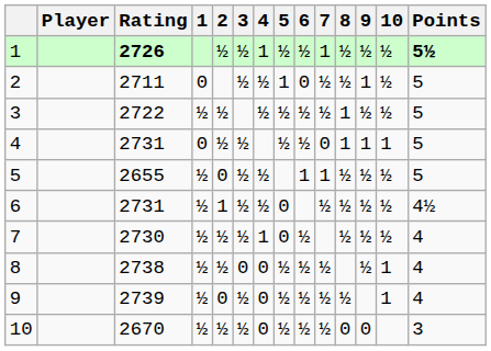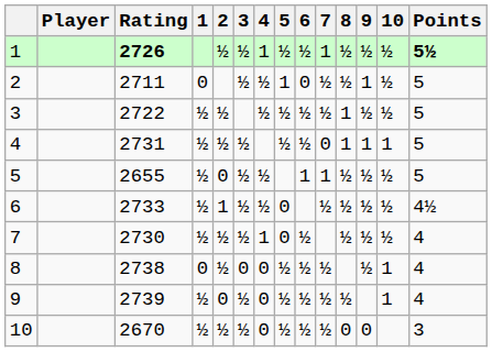 <table class=wikitable>
 <tr>
 <th></th>
 <th>Player</th>
 <th>Rating</th>
 <th>1</th>
 <th>2</th>
 <th>3</th>
 <th>4</th>
 <th>5</th>
 <th>6</th>
 <th>7</th>
 <th>8</th>
 <th>9</th>
 <th>10</th>
 <th>Points</th>
 </tr>
 <tr style="background:#ccffcc">
 <td>1</td>
 <td><strong></strong></td>
 <td><strong>2726</strong></td>
 <td></td>
 <td>½</td>
 <td>½</td>
 <td>1</td>
 <td>½</td>
 <td>½</td>
 <td>1</td>
 <td>½</td>
 <td>½</td>
 <td>½</td>
 <td><strong>5½</strong></td>
 </tr>
 <tr>
 <td>2</td>
 <td></td>
 <td>2711</td>
 <td>0</td>
 <td></td>
 <td>½</td>
 <td>½</td>
 <td>1</td>
 <td>0</td>
 <td>½</td>
 <td>½</td>
 <td>1</td>
 <td>½</td>
 <td>5</td>
 </tr>
 <tr>
 <td>3</td>
 <td></td>
 <td>2722</td>
 <td>½</td>
 <td>½</td>
 <td></td>
 <td>½</td>
 <td>½</td>
 <td>½</td>
 <td>½</td>
 <td>1</td>
 <td>½</td>
 <td>½</td>
 <td>5</td>
 </tr>
 <tr>
 <td>4</td>
 <td></td>
 <td>2731</td>
-<td>0</td>
+<td>½</td>
 <td>½</td>
 <td>½</td>
 <td></td>
 <td>½</td>
 <td>½</td>
 <td>0</td>
 <td>1</td>
 <td>1</td>
 <td>1</td>
 <td>5</td>
 </tr>
 <tr>
 <td>5</td>
 <td></td>
 <td>2655</td>
 <td>½</td>
 <td>0</td>
 <td>½</td>
 <td>½</td>
 <td></td>
 <td>1</td>
 <td>1</td>
 <td>½</td>
 <td>½</td>
 <td>½</td>
 <td>5</td>
 </tr>
 <tr>
 <td>6</td>
 <td></td>
-<td>2731</td>
+<td>2733</td>
 <td>½</td>
 <td>1</td>
 <td>½</td>
 <td>½</td>
 <td>0</td>
 <td></td>
 <td>½</td>
 <td>½</td>
 <td>½</td>
 <td>½</td>
 <td>4½</td>
 </tr>
 <tr>
 <td>7</td>
 <td></td>
 <td>2730</td>
 <td>½</td>
 <td>½</td>
 <td>½</td>
 <td>1</td>
 <td>0</td>
 <td>½</td>
 <td></td>
 <td>½</td>
 <td>½</td>
 <td>½</td>
 <td>4</td>
 </tr>
 <tr>
 <td>8</td>
 <td></td>
 <td>2738</td>
-<td>½</td>
+<td>0</td>
 <td>½</td>
 <td>0</td>
 <td>0</td>
 <td>½</td>
 <td>½</td>
 <td>½</td>
 <td></td>
 <td>½</td>
 <td>1</td>
 <td>4</td>
 </tr>
 <tr>
 <td>9</td>
 <td></td>
 <td>2739</td>
 <td>½</td>
 <td>0</td>
 <td>½</td>
 <td>0</td>
 <td>½</td>
 <td>½</td>
 <td>½</td>
 <td>½</td>
 <td></td>
 <td>1</td>
 <td>4</td>
 </tr>
 <tr>
 <td>10</td>
 <td></td>
 <td>2670</td>
 <td>½</td>
 <td>½</td>
 <td>½</td>
 <td>0</td>
 <td>½</td>
 <td>½</td>
 <td>½</td>
 <td>0</td>
 <td>0</td>
 <td></td>
 <td>3</td>
 </tr>
 </table>
